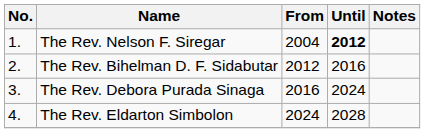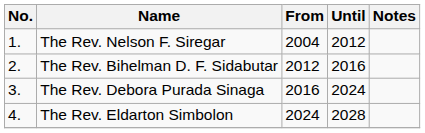 <table class="wikitable">
 <tr>
 <th>No.</th>
 <th>Name</th>
 <th>From</th>
 <th>Until</th>
 <th>Notes</th>
 </tr>
 <tr>
 <td>1.</td>
 <td>The Rev. Nelson F. Siregar</td>
 <td>2004</td>
-<td><strong>2012</strong></td>
+<td>2012</td>
 <td></td>
 </tr>
 <tr>
 <td>2.</td>
 <td>The Rev. Bihelman D. F. Sidabutar</td>
 <td>2012</td>
 <td>2016</td>
 <td></td>
 </tr>
 <tr>
 <td>3.</td>
 <td>The Rev. Debora Purada Sinaga</td>
 <td>2016</td>
 <td>2024</td>
 <td></td>
 </tr>
 <tr>
 <td>4.</td>
 <td>The Rev. Eldarton Simbolon</td>
 <td>2024</td>
 <td>2028</td>
 <td></td>
 </tr>
 <tr>
 </tr>
 </table>
